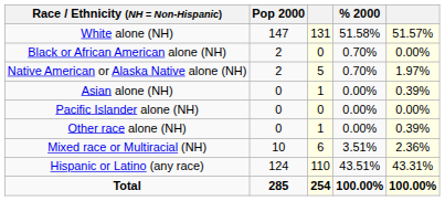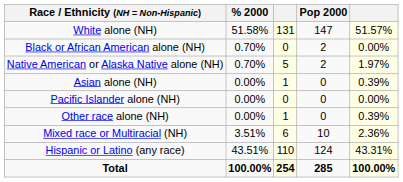 <table class="wikitable" style="text-align:center;">
 <tr>
 <th>Race / Ethnicity <small>(<em>NH = Non-Hispanic</em>)</small></th>
+<th>% 2000</th>
+<th></th>
 <th>Pop 2000</th>
-<th></th>
-<th>% 2000</th>
 <th></th>
 </tr>
 <tr>
 <td><a href='#'>White</a> alone (NH)</td>
+<td>51.58%</td>
+<td style='background: #ffffe6;'>131</td>
 <td>147</td>
-<td style='background: #ffffe6;'>131</td>
-<td>51.58%</td>
 <td style='background: #ffffe6;'>51.57%</td>
 </tr>
 <tr>
 <td><a href='#'>Black or African American</a> alone (NH)</td>
+<td>0.70%</td>
+<td style='background: #ffffe6;'>0</td>
 <td>2</td>
-<td style='background: #ffffe6;'>0</td>
-<td>0.70%</td>
 <td style='background: #ffffe6;'>0.00%</td>
 </tr>
 <tr>
 <td><a href='#'>Native American</a> or <a href='#'>Alaska Native</a> alone (NH)</td>
+<td>0.70%</td>
+<td style='background: #ffffe6;'>5</td>
 <td>2</td>
-<td style='background: #ffffe6;'>5</td>
-<td>0.70%</td>
 <td style='background: #ffffe6;'>1.97%</td>
 </tr>
 <tr>
 <td><a href='#'>Asian</a> alone (NH)</td>
+<td>0.00%</td>
+<td style='background: #ffffe6;'>1</td>
 <td>0</td>
-<td style='background: #ffffe6;'>1</td>
-<td>0.00%</td>
 <td style='background: #ffffe6;'>0.39%</td>
 </tr>
 <tr>
 <td><a href='#'>Pacific Islander</a> alone (NH)</td>
+<td>0.00%</td>
+<td style='background: #ffffe6;'>0</td>
 <td>0</td>
-<td style='background: #ffffe6;'>0</td>
-<td>0.00%</td>
 <td style='background: #ffffe6;'>0.00%</td>
 </tr>
 <tr>
 <td><a href='#'>Other race</a> alone (NH)</td>
+<td>0.00%</td>
+<td style='background: #ffffe6;'>1</td>
 <td>0</td>
-<td style='background: #ffffe6;'>1</td>
-<td>0.00%</td>
 <td style='background: #ffffe6;'>0.39%</td>
 </tr>
 <tr>
 <td><a href='#'>Mixed race or Multiracial</a> (NH)</td>
+<td>3.51%</td>
+<td style='background: #ffffe6;'>6</td>
 <td>10</td>
-<td style='background: #ffffe6;'>6</td>
-<td>3.51%</td>
 <td style='background: #ffffe6;'>2.36%</td>
 </tr>
 <tr>
 <td><a href='#'>Hispanic or Latino</a> (any race)</td>
+<td>43.51%</td>
+<td style='background: #ffffe6;'>110</td>
 <td>124</td>
-<td style='background: #ffffe6;'>110</td>
-<td>43.51%</td>
 <td style='background: #ffffe6;'>43.31%</td>
 </tr>
 <tr>
 <td><strong>Total</strong></td>
+<td><strong>100.00%</strong></td>
+<td style='background: #ffffe6;'><strong>254</strong></td>
 <td><strong>285</strong></td>
-<td style='background: #ffffe6;'><strong>254</strong></td>
-<td><strong>100.00%</strong></td>
 <td style='background: #ffffe6;'><strong>100.00%</strong></td>
 </tr>
 </table>
